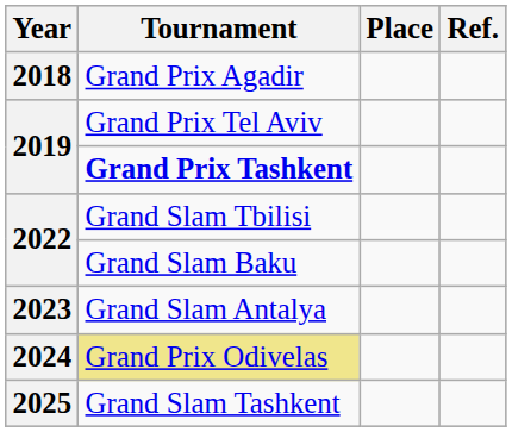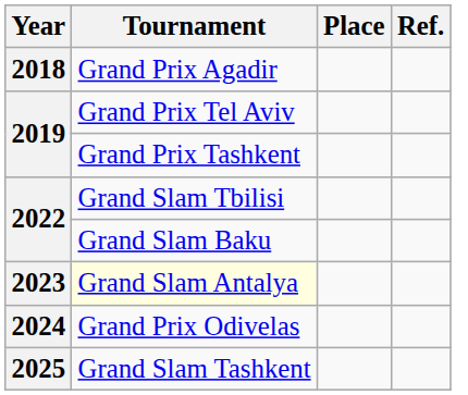 <table class="wikitable sortable" style="text-align:center;">
 <tr>
 <th>Year</th>
 <th>Tournament</th>
 <th>Place</th>
 <th>Ref.</th>
 </tr>
 <tr>
 <th>2018</th>
 <td align=left><a href='#'>Grand Prix Agadir</a></td>
 <td></td>
 <td></td>
 </tr>
 <tr>
 <th rowspan=2>2019</th>
 <td align=left><a href='#'>Grand Prix Tel Aviv</a></td>
 <td></td>
 <td></td>
 </tr>
 <tr>
-<td align=left><strong><a href='#'>Grand Prix Tashkent</a></strong></td>
+<td align=left><a href='#'>Grand Prix Tashkent</a></td>
 <td></td>
 <td></td>
 </tr>
 <tr>
 <th rowspan=2>2022</th>
 <td align=left><a href='#'>Grand Slam Tbilisi</a></td>
 <td></td>
 <td></td>
 </tr>
 <tr>
 <td align=left><a href='#'>Grand Slam Baku</a></td>
 <td></td>
 <td></td>
 </tr>
 <tr>
 <th>2023</th>
-<td align=left><a href='#'>Grand Slam Antalya</a></td>
+<td align=left style="background: lightyellow;"><a href='#'>Grand Slam Antalya</a></td>
 <td></td>
 <td></td>
 </tr>
 <tr>
 <th>2024</th>
-<td align=left style="background: khaki;"><a href='#'>Grand Prix Odivelas</a></td>
+<td align=left><a href='#'>Grand Prix Odivelas</a></td>
 <td></td>
 <td></td>
 </tr>
 <tr>
 <th>2025</th>
 <td align=left><a href='#'>Grand Slam Tashkent</a></td>
 <td></td>
 <td></td>
 </tr>
 </table>
